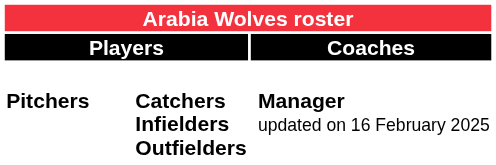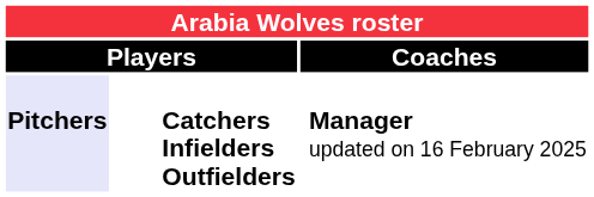 <table class="toccolours" style="font-size: 95%;">
 <tr>
 <th colspan="10" style="background-color: #F4323E; color:#FFFFFF; text-align: center;"><strong>Arabia Wolves roster</strong></th>
 </tr>
 <tr>
 <td colspan="3" style="background-color: #000000; color: #FFFFFF; text-align: center;"><strong>Players</strong></td>
 <td colspan="2" style="background-color: #000000; color: #FFFFFF; text-align: center;"><strong>Coaches</strong></td>
 </tr>
 <tr>
-<td style="vertical-align:top;text-align:left;"><br><strong>Pitchers</strong>          </td>
+<td style="background: lavender; vertical-align:top;text-align:left;"><br><strong>Pitchers</strong>          </td>
 <td width="25px"></td>
 <td style="vertical-align:top;text-align:left;"><br><strong>Catchers</strong>   <br><strong>Infielders</strong>     <br><strong>Outfielders</strong>     </td>
 <td style="vertical-align:top;text-align:left;"></td>
 <td style="vertical-align:top;text-align:left;"><br><strong>Manager</strong> <br><small><span></span> updated on 16 February 2025</small></td>
 </tr>
 </table>
